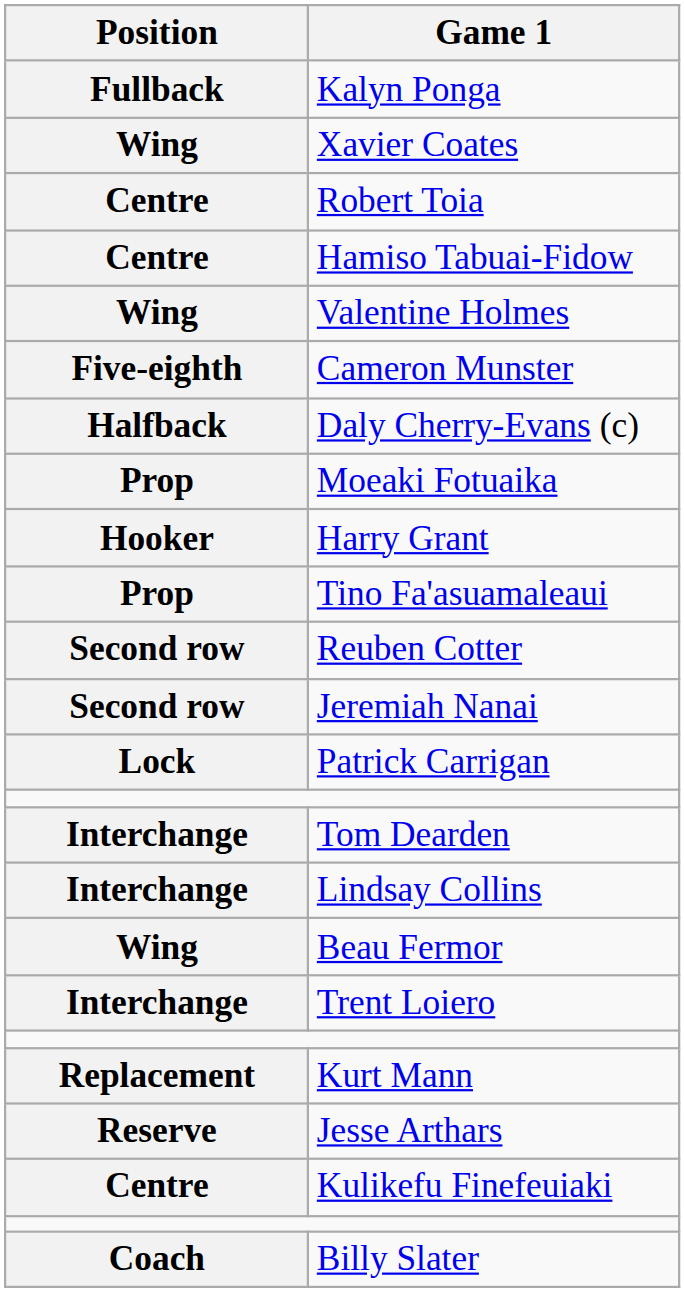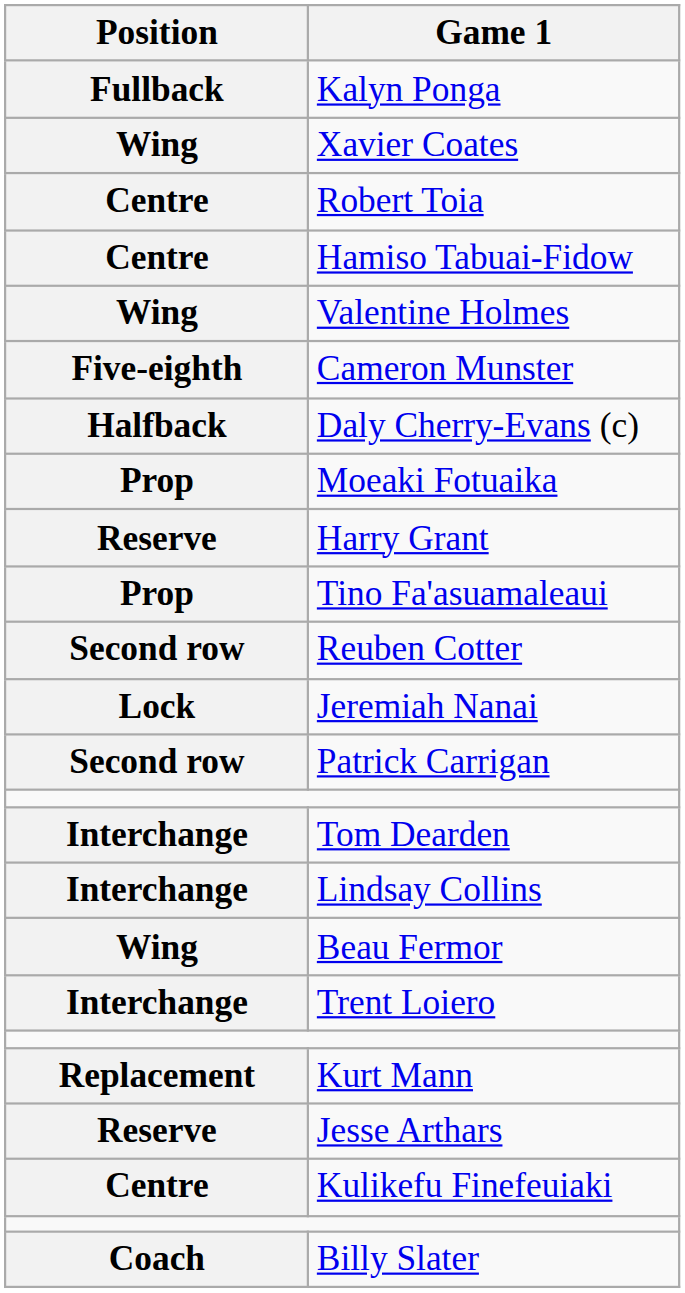 <table class="wikitable">
 <tr>
 <th style="width:130px;">Position</th>
 <th style="width:160px;">Game 1</th>
 </tr>
 <tr>
 <th>Fullback</th>
 <td> <a href='#'>Kalyn Ponga</a></td>
 </tr>
 <tr>
 <th>Wing</th>
 <td> <a href='#'>Xavier Coates</a></td>
 </tr>
 <tr>
 <th>Centre</th>
 <td> <a href='#'>Robert Toia</a></td>
 </tr>
 <tr>
 <th>Centre</th>
 <td> <a href='#'>Hamiso Tabuai-Fidow</a></td>
 </tr>
 <tr>
 <th>Wing</th>
 <td> <a href='#'>Valentine Holmes</a></td>
 </tr>
 <tr>
 <th>Five-eighth</th>
 <td> <a href='#'>Cameron Munster</a></td>
 </tr>
 <tr>
 <th>Halfback</th>
 <td> <a href='#'>Daly Cherry-Evans</a> (c)</td>
 </tr>
 <tr>
 <th>Prop</th>
 <td> <a href='#'>Moeaki Fotuaika</a></td>
 </tr>
 <tr>
-<th>Hooker</th>
+<th>Reserve</th>
 <td> <a href='#'>Harry Grant</a></td>
 </tr>
 <tr>
 <th>Prop</th>
 <td> <a href='#'>Tino Fa'asuamaleaui</a></td>
 </tr>
 <tr>
 <th>Second row</th>
 <td> <a href='#'>Reuben Cotter</a></td>
 </tr>
 <tr>
-<th>Second row</th>
+<th>Lock</th>
 <td> <a href='#'>Jeremiah Nanai</a></td>
 </tr>
 <tr>
-<th>Lock</th>
+<th>Second row</th>
 <td> <a href='#'>Patrick Carrigan</a></td>
 </tr>
 <tr>
 <td colspan="2"></td>
 </tr>
 <tr>
 <th>Interchange</th>
 <td> <a href='#'>Tom Dearden</a></td>
 </tr>
 <tr>
 <th>Interchange</th>
 <td> <a href='#'>Lindsay Collins</a></td>
 </tr>
 <tr>
 <th>Wing</th>
 <td> <a href='#'>Beau Fermor</a></td>
 </tr>
 <tr>
 <th>Interchange</th>
 <td> <a href='#'>Trent Loiero</a></td>
 </tr>
 <tr>
 <td colspan="2"></td>
 </tr>
 <tr>
 <th>Replacement</th>
 <td> <a href='#'>Kurt Mann</a></td>
 </tr>
 <tr>
 <th>Reserve</th>
 <td> <a href='#'>Jesse Arthars</a></td>
 </tr>
 <tr>
 <th>Centre</th>
 <td> <a href='#'>Kulikefu Finefeuiaki</a></td>
 </tr>
 <tr>
 <td colspan="2"></td>
 </tr>
 <tr>
 <th>Coach</th>
 <td> <a href='#'>Billy Slater</a></td>
 </tr>
 </table>
